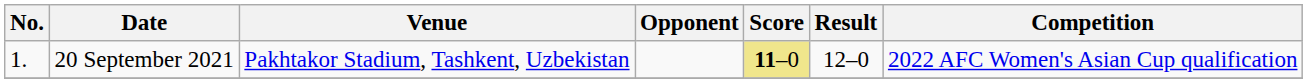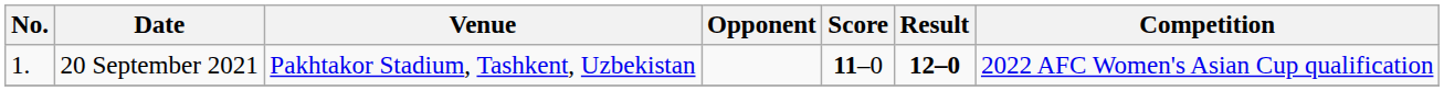 <table class="wikitable">
 <tr>
 <th>No.</th>
 <th>Date</th>
 <th>Venue</th>
 <th>Opponent</th>
 <th>Score</th>
 <th>Result</th>
 <th>Competition</th>
 </tr>
 <tr>
 <td>1.</td>
 <td>20 September 2021</td>
 <td><a href='#'>Pakhtakor Stadium</a>, <a href='#'>Tashkent</a>, <a href='#'>Uzbekistan</a></td>
 <td></td>
-<td align=center style="background: khaki;"><strong>11</strong>–0</td>
-<td align=center>12–0</td>
+<td align=center><strong>11</strong>–0</td>
+<td align=center><strong>12–0</strong></td>
 <td><a href='#'>2022 AFC Women's Asian Cup qualification</a></td>
 </tr>
 <tr>
 </tr>
 </table>
